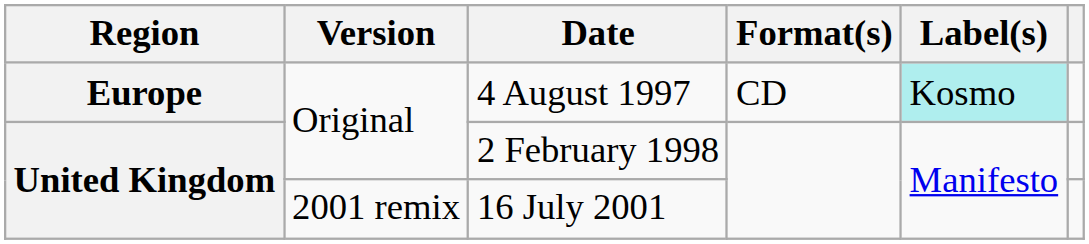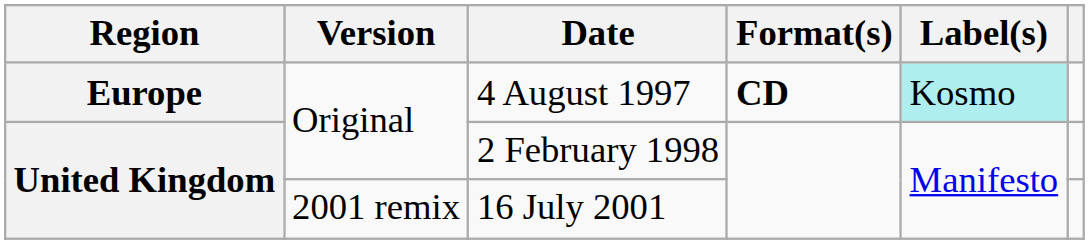 <table class="wikitable plainrowheaders">
 <tr>
 <th scope="col">Region</th>
 <th scope="col">Version</th>
 <th scope="col">Date</th>
 <th scope="col">Format(s)</th>
 <th scope="col">Label(s)</th>
 <th scope="col"></th>
 </tr>
 <tr>
 <th scope="row">Europe</th>
 <td rowspan="2">Original</td>
 <td>4 August 1997</td>
-<td>CD</td>
+<td><strong>CD</strong></td>
 <td style="background: paleturquoise;">Kosmo</td>
 <td></td>
 </tr>
 <tr>
 <th scope="row" rowspan="2">United Kingdom</th>
 <td>2 February 1998</td>
 <td rowspan="2"></td>
 <td rowspan="2"><a href='#'>Manifesto</a></td>
 <td></td>
 </tr>
 <tr>
 <td>2001 remix</td>
 <td>16 July 2001</td>
 <td></td>
 </tr>
 </table>
